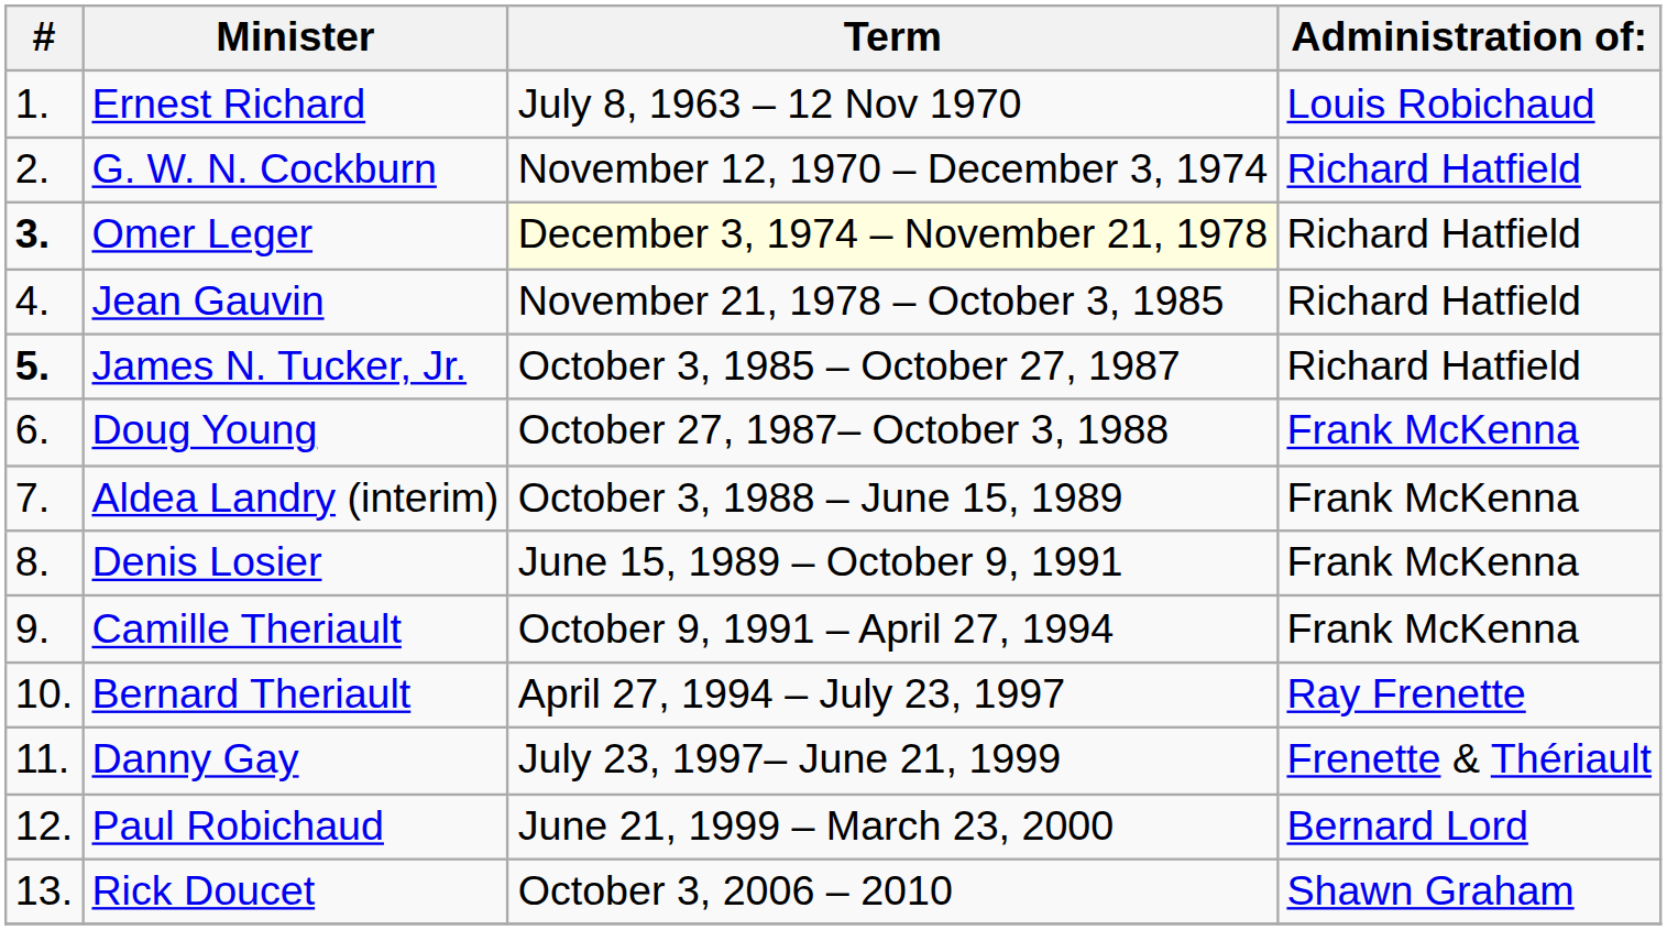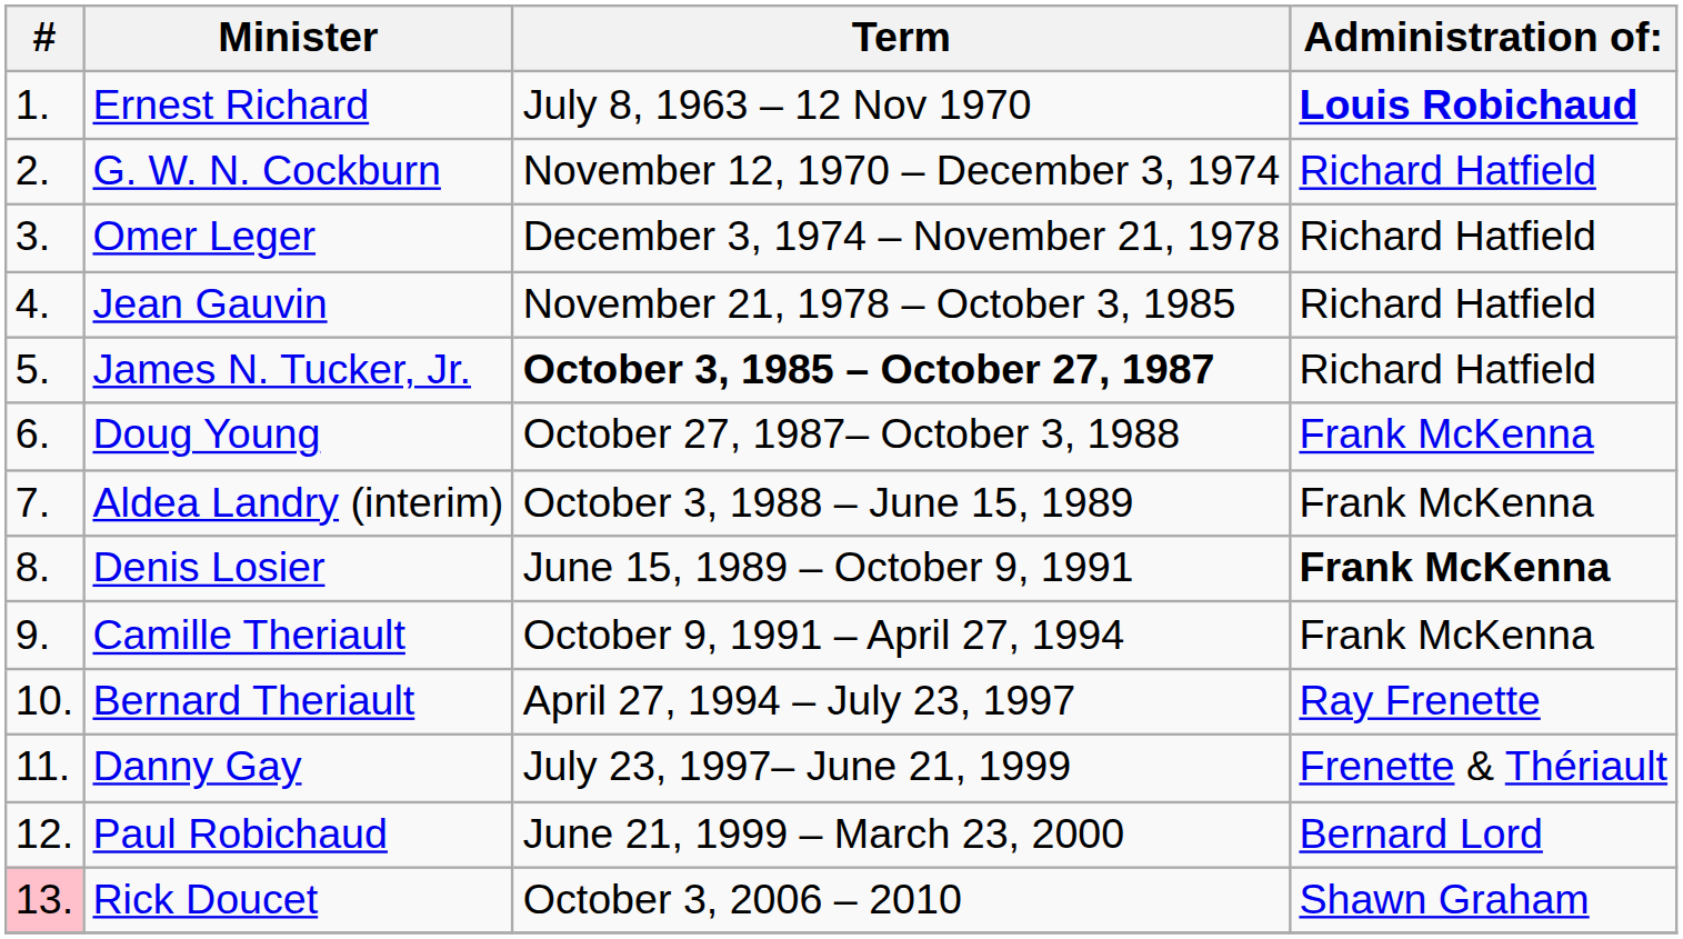 <table class="wikitable">
 <tr>
 <th>#</th>
 <th>Minister</th>
 <th>Term</th>
 <th>Administration of:</th>
 </tr>
 <tr>
 <td>1.</td>
 <td><a href='#'>Ernest Richard</a></td>
 <td>July 8, 1963 – 12 Nov 1970</td>
-<td><a href='#'>Louis Robichaud</a></td>
+<td><strong><a href='#'>Louis Robichaud</a></strong></td>
 </tr>
 <tr>
 <td>2.</td>
 <td><a href='#'>G. W. N. Cockburn</a></td>
 <td>November 12, 1970 – December 3, 1974</td>
 <td><a href='#'>Richard Hatfield</a></td>
 </tr>
 <tr>
-<td><strong>3.</strong></td>
+<td>3.</td>
 <td><a href='#'>Omer Leger</a></td>
-<td style="background: lightyellow;">December 3, 1974 – November 21, 1978</td>
+<td>December 3, 1974 – November 21, 1978</td>
 <td>Richard Hatfield</td>
 </tr>
 <tr>
 <td>4.</td>
 <td><a href='#'>Jean Gauvin</a></td>
 <td>November 21, 1978 – October 3, 1985</td>
 <td>Richard Hatfield</td>
 </tr>
 <tr>
-<td><strong>5.</strong></td>
+<td>5.</td>
 <td><a href='#'>James N. Tucker, Jr.</a></td>
-<td>October 3, 1985  – October 27, 1987</td>
+<td><strong>October 3, 1985  – October 27, 1987</strong></td>
 <td>Richard Hatfield</td>
 </tr>
 <tr>
 <td>6.</td>
 <td><a href='#'>Doug Young</a></td>
 <td>October 27, 1987– October 3, 1988</td>
 <td><a href='#'>Frank McKenna</a></td>
 </tr>
 <tr>
 <td>7.</td>
 <td><a href='#'>Aldea Landry</a> (interim)</td>
 <td>October 3, 1988 – June 15, 1989</td>
 <td>Frank McKenna</td>
 </tr>
 <tr>
 <td>8.</td>
 <td><a href='#'>Denis Losier</a></td>
 <td>June 15, 1989 – October 9, 1991</td>
-<td>Frank McKenna</td>
+<td><strong>Frank McKenna</strong></td>
 </tr>
 <tr>
 <td>9.</td>
 <td><a href='#'>Camille Theriault</a></td>
 <td>October 9, 1991 – April 27, 1994</td>
 <td>Frank McKenna</td>
 </tr>
 <tr>
 <td>10.</td>
 <td><a href='#'>Bernard Theriault</a></td>
 <td>April 27, 1994 – July 23, 1997</td>
 <td><a href='#'>Ray Frenette</a></td>
 </tr>
 <tr>
 <td>11.</td>
 <td><a href='#'>Danny Gay</a></td>
 <td>July 23, 1997– June 21, 1999</td>
 <td><a href='#'>Frenette</a> & <a href='#'>Thériault</a></td>
 </tr>
 <tr>
 <td>12.</td>
 <td><a href='#'>Paul Robichaud</a></td>
 <td>June 21, 1999 – March 23, 2000</td>
 <td><a href='#'>Bernard Lord</a></td>
 </tr>
 <tr>
-<td>13.</td>
+<td style="background: pink;">13.</td>
 <td><a href='#'>Rick Doucet</a></td>
 <td>October 3, 2006 – 2010</td>
 <td><a href='#'>Shawn Graham</a></td>
 </tr>
 <tr>
 </tr>
 </table>
